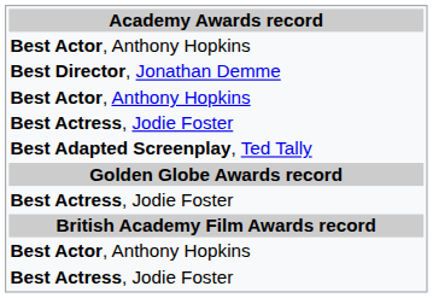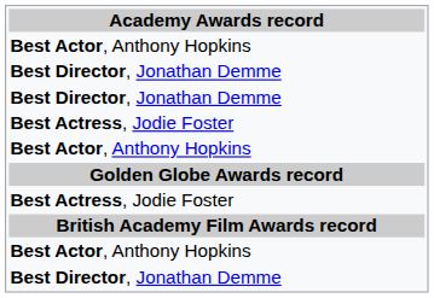 <table class="floatright" style="width: 23em; font-size: 85%; border: 1px solid #a2a9b1; background-color: #f8f9fa;">
 <tr style="background:#ccc; text-align:center;">
 <th colspan="2">Academy Awards record</th>
 </tr>
 <tr>
 <td><strong>Best Actor</strong>, Anthony Hopkins</td>
 </tr>
 <tr>
 <td><strong>Best Director</strong>, <a href='#'>Jonathan Demme</a></td>
 </tr>
 <tr>
-<td><strong>Best Actor</strong>, <a href='#'>Anthony Hopkins</a></td>
+<td><strong>Best Director</strong>, <a href='#'>Jonathan Demme</a></td>
 </tr>
 <tr>
 <td><strong>Best Actress</strong>, <a href='#'>Jodie Foster</a></td>
 </tr>
 <tr>
-<td><strong>Best Adapted Screenplay</strong>, <a href='#'>Ted Tally</a></td>
+<td><strong>Best Actor</strong>, <a href='#'>Anthony Hopkins</a></td>
 </tr>
 <tr style="background:#ccc; text-align:center;">
 <th colspan="2">Golden Globe Awards record</th>
 </tr>
 <tr>
 <td><strong>Best Actress</strong>, Jodie Foster</td>
 </tr>
 <tr style="background:#ccc; text-align:center;">
 <th colspan="2">British Academy Film Awards record</th>
 </tr>
 <tr>
 <td><strong>Best Actor</strong>, Anthony Hopkins</td>
 </tr>
 <tr>
-<td><strong>Best Actress</strong>, Jodie Foster</td>
+<td><strong>Best Director</strong>, <a href='#'>Jonathan Demme</a></td>
 </tr>
 </table>
